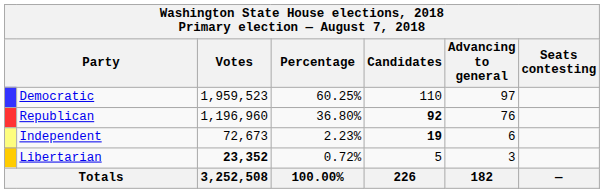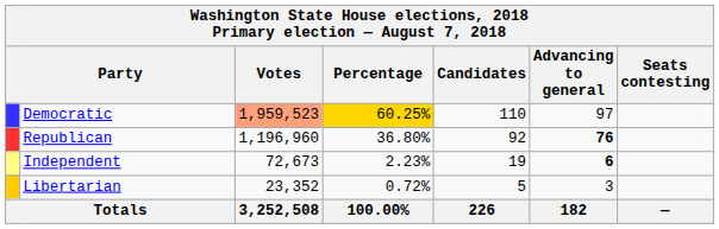 <table class="wikitable" style="font-size: 95%;">
 <tr>
 <th colspan="7">Washington State House elections, 2018<br>Primary election — August 7, 2018</th>
 </tr>
 <tr>
 <th colspan="2" style="width: 15em">Party</th>
 <th style="width: 5em">Votes</th>
 <th style="width: 7em">Percentage</th>
 <th style="width: 5em">Candidates</th>
 <th style="width: 5em">Advancing to general</th>
 <th style="width: 5em">Seats contesting</th>
 </tr>
 <tr>
 <th style="background-color:#33F; width: 3px"></th>
 <td style="width: 130px"><a href='#'>Democratic</a></td>
-<td align="right">1,959,523</td>
-<td align="right">60.25%</td>
+<td align="right" style="background: lightsalmon;">1,959,523</td>
+<td align="right" style="background: gold;">60.25%</td>
 <td align="right">110</td>
 <td align="right">97</td>
 <td align="right"></td>
 </tr>
 <tr>
 <th style="background-color:#F33; width: 3px"></th>
 <td style="width: 130px"><a href='#'>Republican</a></td>
 <td align="right">1,196,960</td>
 <td align="right">36.80%</td>
-<td align="right"><strong>92</strong></td>
-<td align="right">76</td>
+<td align="right">92</td>
+<td align="right"><strong>76</strong></td>
 <td align="right"></td>
 </tr>
 <tr>
 <th style="background-color:#FDFD7F; width: 3px"></th>
 <td style="width: 130px"><a href='#'>Independent</a></td>
 <td align="right">72,673</td>
 <td align="right">2.23%</td>
-<td align="right"><strong>19</strong></td>
-<td align="right">6</td>
+<td align="right">19</td>
+<td align="right"><strong>6</strong></td>
 <td align="right"></td>
 </tr>
 <tr>
 <th style="background-color:#FC0; width: 3px"></th>
 <td style="width: 130px"><a href='#'>Libertarian</a></td>
-<td align="right"><strong>23,352</strong></td>
+<td align="right">23,352</td>
 <td align="right">0.72%</td>
 <td align="right">5</td>
 <td align="right">3</td>
 <td align="right"></td>
 </tr>
 <tr bgcolor="#EEEEEE">
 <th colspan="2" align="right">Totals</th>
 <th align="right">3,252,508</th>
 <th align="right">100.00%</th>
 <th align="right">226</th>
 <th align="right">182</th>
 <th align="right">—</th>
 </tr>
 </table>
